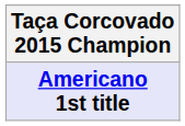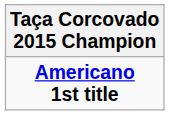 <table class="wikitable" style="text-align: center; margin: 0 auto;">
 <tr>
 <th>Taça Corcovado<br>2015 Champion</th>
 </tr>
 <tr>
-<td style="background: lavender;"><strong><a href='#'>Americano</a></strong><br><strong>1st title</strong></td>
+<td><strong><a href='#'>Americano</a></strong><br><strong>1st title</strong></td>
 </tr>
 </table>
